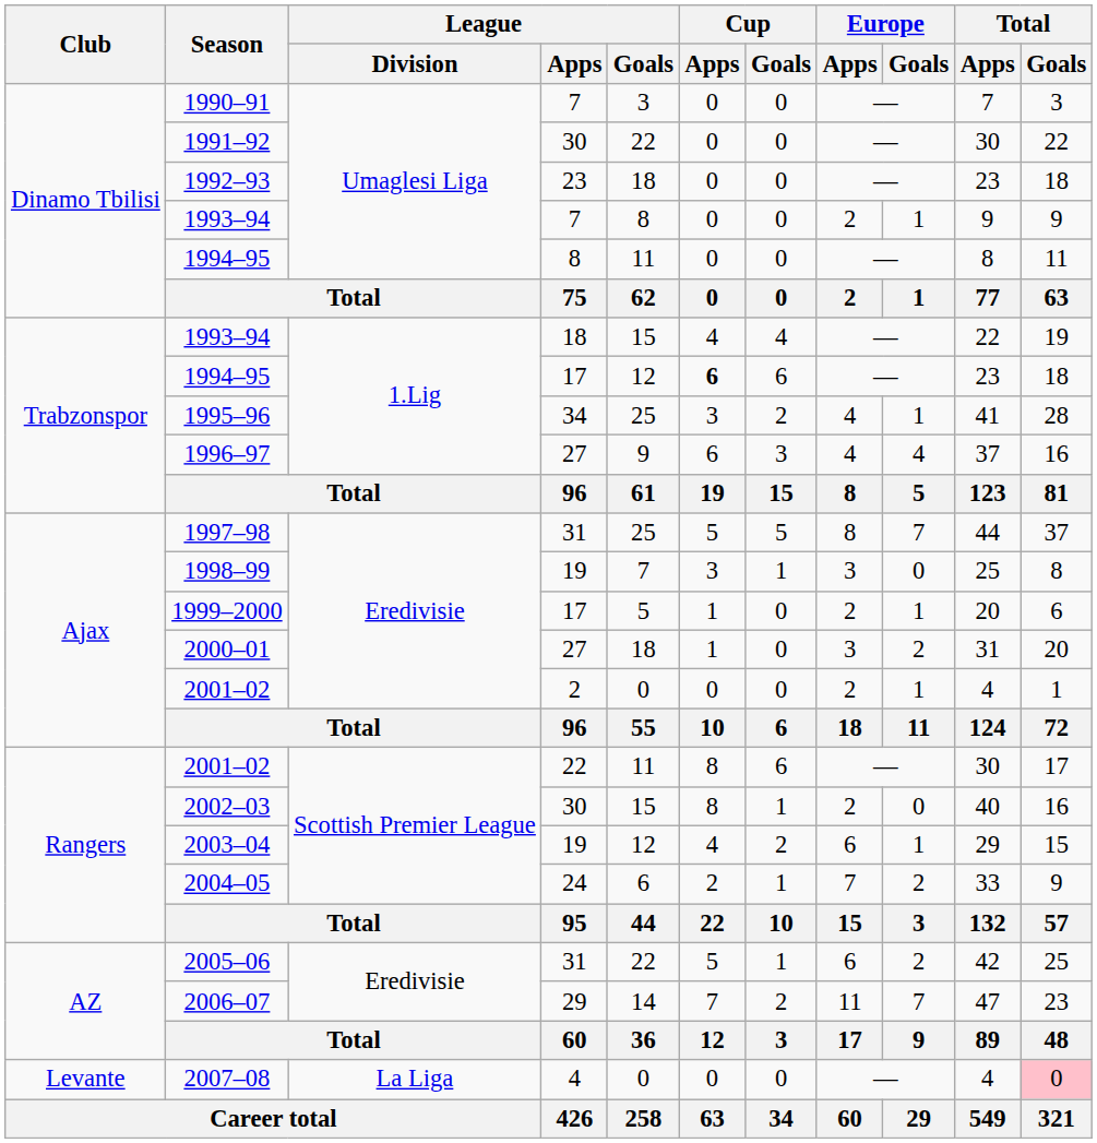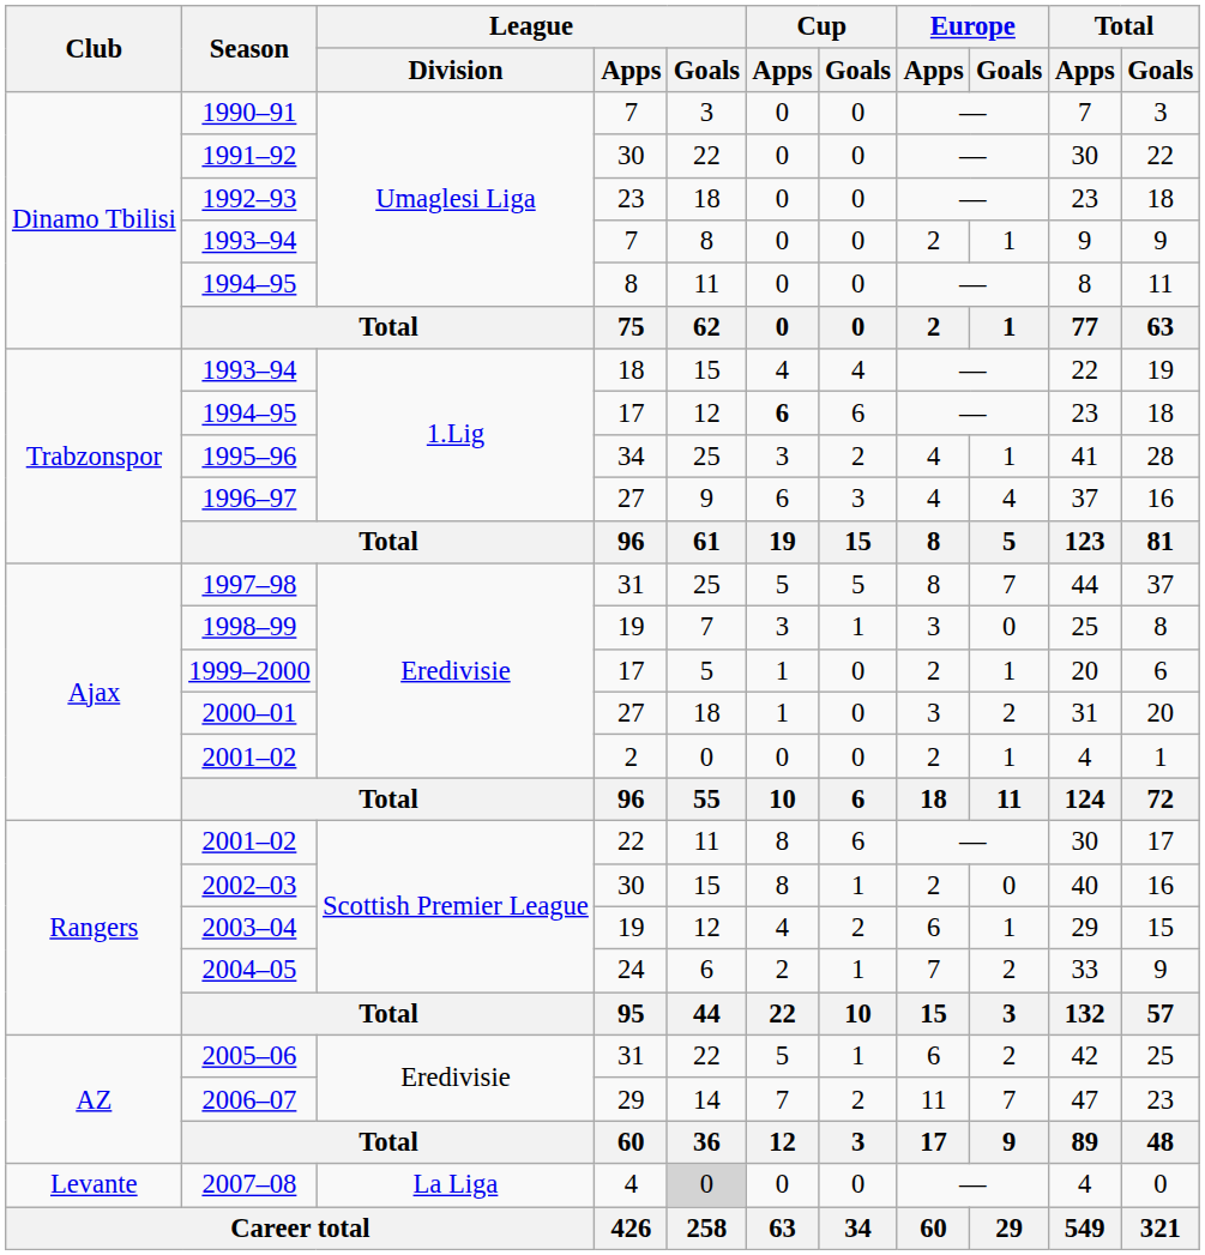 <table class="wikitable" style="text-align:center">
 <tr>
 <th rowspan="2">Club</th>
 <th rowspan="2">Season</th>
 <th colspan="3">League</th>
 <th colspan="2">Cup</th>
 <th colspan="2"><a href='#'>Europe</a></th>
 <th colspan="2">Total</th>
 </tr>
 <tr>
 <th>Division</th>
 <th>Apps</th>
 <th>Goals</th>
 <th>Apps</th>
 <th>Goals</th>
 <th>Apps</th>
 <th>Goals</th>
 <th>Apps</th>
 <th>Goals</th>
 </tr>
 <tr>
 <td rowspan="6"><a href='#'>Dinamo Tbilisi</a></td>
 <td><a href='#'>1990–91</a></td>
 <td rowspan="5"><a href='#'>Umaglesi Liga</a></td>
 <td>7</td>
 <td>3</td>
 <td>0</td>
 <td>0</td>
 <td colspan="2">—</td>
 <td>7</td>
 <td>3</td>
 </tr>
 <tr>
 <td><a href='#'>1991–92</a></td>
 <td>30</td>
 <td>22</td>
 <td>0</td>
 <td>0</td>
 <td colspan="2">—</td>
 <td>30</td>
 <td>22</td>
 </tr>
 <tr>
 <td><a href='#'>1992–93</a></td>
 <td>23</td>
 <td>18</td>
 <td>0</td>
 <td>0</td>
 <td colspan="2">—</td>
 <td>23</td>
 <td>18</td>
 </tr>
 <tr>
 <td><a href='#'>1993–94</a></td>
 <td>7</td>
 <td>8</td>
 <td>0</td>
 <td>0</td>
 <td>2</td>
 <td>1</td>
 <td>9</td>
 <td>9</td>
 </tr>
 <tr>
 <td><a href='#'>1994–95</a></td>
 <td>8</td>
 <td>11</td>
 <td>0</td>
 <td>0</td>
 <td colspan="2">—</td>
 <td>8</td>
 <td>11</td>
 </tr>
 <tr>
 <th colspan="2">Total</th>
 <th>75</th>
 <th>62</th>
 <th>0</th>
 <th>0</th>
 <th>2</th>
 <th>1</th>
 <th>77</th>
 <th>63</th>
 </tr>
 <tr>
 <td rowspan="5"><a href='#'>Trabzonspor</a></td>
 <td><a href='#'>1993–94</a></td>
 <td rowspan="4"><a href='#'>1.Lig</a></td>
 <td>18</td>
 <td>15</td>
 <td>4</td>
 <td>4</td>
 <td colspan="2">—</td>
 <td>22</td>
 <td>19</td>
 </tr>
 <tr>
 <td><a href='#'>1994–95</a></td>
 <td>17</td>
 <td>12</td>
 <td><strong>6</strong></td>
 <td>6</td>
 <td colspan="2">—</td>
 <td>23</td>
 <td>18</td>
 </tr>
 <tr>
 <td><a href='#'>1995–96</a></td>
 <td>34</td>
 <td>25</td>
 <td>3</td>
 <td>2</td>
 <td>4</td>
 <td>1</td>
 <td>41</td>
 <td>28</td>
 </tr>
 <tr>
 <td><a href='#'>1996–97</a></td>
 <td>27</td>
 <td>9</td>
 <td>6</td>
 <td>3</td>
 <td>4</td>
 <td>4</td>
 <td>37</td>
 <td>16</td>
 </tr>
 <tr>
 <th colspan="2">Total</th>
 <th>96</th>
 <th>61</th>
 <th>19</th>
 <th>15</th>
 <th>8</th>
 <th>5</th>
 <th>123</th>
 <th>81</th>
 </tr>
 <tr>
 <td rowspan="6"><a href='#'>Ajax</a></td>
 <td><a href='#'>1997–98</a></td>
 <td rowspan="5"><a href='#'>Eredivisie</a></td>
 <td>31</td>
 <td>25</td>
 <td>5</td>
 <td>5</td>
 <td>8</td>
 <td>7</td>
 <td>44</td>
 <td>37</td>
 </tr>
 <tr>
 <td><a href='#'>1998–99</a></td>
 <td>19</td>
 <td>7</td>
 <td>3</td>
 <td>1</td>
 <td>3</td>
 <td>0</td>
 <td>25</td>
 <td>8</td>
 </tr>
 <tr>
 <td><a href='#'>1999–2000</a></td>
 <td>17</td>
 <td>5</td>
 <td>1</td>
 <td>0</td>
 <td>2</td>
 <td>1</td>
 <td>20</td>
 <td>6</td>
 </tr>
 <tr>
 <td><a href='#'>2000–01</a></td>
 <td>27</td>
 <td>18</td>
 <td>1</td>
 <td>0</td>
 <td>3</td>
 <td>2</td>
 <td>31</td>
 <td>20</td>
 </tr>
 <tr>
 <td><a href='#'>2001–02</a></td>
 <td>2</td>
 <td>0</td>
 <td>0</td>
 <td>0</td>
 <td>2</td>
 <td>1</td>
 <td>4</td>
 <td>1</td>
 </tr>
 <tr>
 <th colspan="2">Total</th>
 <th>96</th>
 <th>55</th>
 <th>10</th>
 <th>6</th>
 <th>18</th>
 <th>11</th>
 <th>124</th>
 <th>72</th>
 </tr>
 <tr>
 <td rowspan="5"><a href='#'>Rangers</a></td>
 <td><a href='#'>2001–02</a></td>
 <td rowspan="4"><a href='#'>Scottish Premier League</a></td>
 <td>22</td>
 <td>11</td>
 <td>8</td>
 <td>6</td>
 <td colspan="2">—</td>
 <td>30</td>
 <td>17</td>
 </tr>
 <tr>
 <td><a href='#'>2002–03</a></td>
 <td>30</td>
 <td>15</td>
 <td>8</td>
 <td>1</td>
 <td>2</td>
 <td>0</td>
 <td>40</td>
 <td>16</td>
 </tr>
 <tr>
 <td><a href='#'>2003–04</a></td>
 <td>19</td>
 <td>12</td>
 <td>4</td>
 <td>2</td>
 <td>6</td>
 <td>1</td>
 <td>29</td>
 <td>15</td>
 </tr>
 <tr>
 <td><a href='#'>2004–05</a></td>
 <td>24</td>
 <td>6</td>
 <td>2</td>
 <td>1</td>
 <td>7</td>
 <td>2</td>
 <td>33</td>
 <td>9</td>
 </tr>
 <tr>
 <th colspan="2">Total</th>
 <th>95</th>
 <th>44</th>
 <th>22</th>
 <th>10</th>
 <th>15</th>
 <th>3</th>
 <th>132</th>
 <th>57</th>
 </tr>
 <tr>
 <td rowspan="3"><a href='#'>AZ</a></td>
 <td><a href='#'>2005–06</a></td>
 <td rowspan="2">Eredivisie</td>
 <td>31</td>
 <td>22</td>
 <td>5</td>
 <td>1</td>
 <td>6</td>
 <td>2</td>
 <td>42</td>
 <td>25</td>
 </tr>
 <tr>
 <td><a href='#'>2006–07</a></td>
 <td>29</td>
 <td>14</td>
 <td>7</td>
 <td>2</td>
 <td>11</td>
 <td>7</td>
 <td>47</td>
 <td>23</td>
 </tr>
 <tr>
 <th colspan="2">Total</th>
 <th>60</th>
 <th>36</th>
 <th>12</th>
 <th>3</th>
 <th>17</th>
 <th>9</th>
 <th>89</th>
 <th>48</th>
 </tr>
 <tr>
 <td><a href='#'>Levante</a></td>
 <td><a href='#'>2007–08</a></td>
 <td><a href='#'>La Liga</a></td>
 <td>4</td>
-<td>0</td>
+<td style="background: lightgrey;">0</td>
 <td>0</td>
 <td>0</td>
 <td colspan="2">—</td>
 <td>4</td>
-<td style="background: pink;">0</td>
+<td>0</td>
 </tr>
 <tr>
 <th colspan="3">Career total</th>
 <th>426</th>
 <th>258</th>
 <th>63</th>
 <th>34</th>
 <th>60</th>
 <th>29</th>
 <th>549</th>
 <th>321</th>
 </tr>
 </table>
